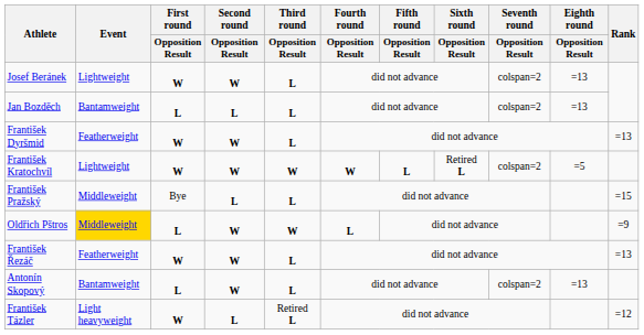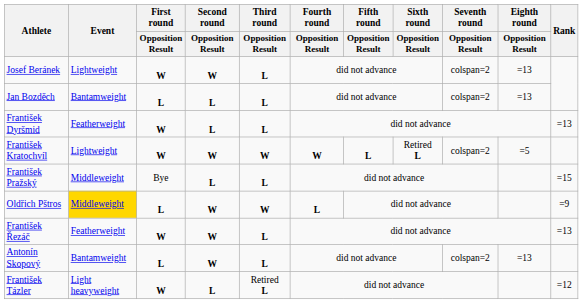 <table class="wikitable" style="font-size:90%;">
 <tr>
 <th rowspan=2>Athlete</th>
 <th rowspan=2>Event</th>
 <th>First round</th>
 <th>Second round</th>
 <th>Third round</th>
 <th>Fourth round</th>
 <th>Fifth round</th>
 <th>Sixth round</th>
 <th>Seventh round</th>
 <th>Eighth round</th>
 <th rowspan=2>Rank</th>
 </tr>
 <tr style="font-size: 95%">
 <th>Opposition<br>Result</th>
 <th>Opposition<br>Result</th>
 <th>Opposition<br>Result</th>
 <th>Opposition<br>Result</th>
 <th>Opposition<br>Result</th>
 <th>Opposition<br>Result</th>
 <th>Opposition<br>Result</th>
 <th>Opposition<br>Result</th>
 </tr>
 <tr align=center>
 <td align=left><a href='#'>Josef Beránek</a></td>
 <td align=left><a href='#'>Lightweight</a></td>
 <td> <br> <strong>W</strong></td>
 <td> <br> <strong>W</strong></td>
 <td> <br> <strong>L</strong></td>
 <td colspan=3>did not advance</td>
 <td>colspan=2 </td>
 <td>=13</td>
 </tr>
 <tr align=center>
 <td align=left><a href='#'>Jan Bozděch</a></td>
 <td align=left><a href='#'>Bantamweight</a></td>
 <td> <br> <strong>L</strong></td>
 <td> <br> <strong>L</strong></td>
 <td> <br> <strong>L</strong></td>
 <td colspan=3>did not advance</td>
 <td>colspan=2 </td>
 <td>=13</td>
 </tr>
 <tr align=center>
 <td align=left><a href='#'>František Dyršmid</a></td>
 <td align=left><a href='#'>Featherweight</a></td>
 <td> <br> <strong>W</strong></td>
-<td> <br> <strong>W</strong></td>
+<td> <br> <strong>L</strong></td>
 <td> <br> <strong>L</strong></td>
 <td colspan=5>did not advance</td>
 <td>=13</td>
 </tr>
 <tr align=center>
 <td align=left><a href='#'>František Kratochvíl</a></td>
 <td align=left><a href='#'>Lightweight</a></td>
 <td> <br> <strong>W</strong></td>
 <td> <br> <strong>W</strong></td>
 <td> <br> <strong>W</strong></td>
 <td> <br> <strong>W</strong></td>
 <td> <br> <strong>L</strong></td>
 <td>Retired <br> <strong>L</strong></td>
 <td>colspan=2 </td>
 <td>=5</td>
 </tr>
 <tr align=center>
 <td align=left><a href='#'>František Pražský</a></td>
 <td align=left><a href='#'>Middleweight</a></td>
 <td>Bye</td>
 <td> <br> <strong>L</strong></td>
 <td> <br> <strong>L</strong></td>
 <td colspan=4>did not advance</td>
 <td></td>
 <td>=15</td>
 </tr>
 <tr align=center>
 <td align=left><a href='#'>Oldřich Pštros</a></td>
 <td align=left style="background: gold;"><a href='#'>Middleweight</a></td>
 <td> <br> <strong>L</strong></td>
 <td> <br> <strong>W</strong></td>
 <td> <br> <strong>W</strong></td>
 <td> <br> <strong>L</strong></td>
 <td colspan=3>did not advance</td>
 <td></td>
 <td>=9</td>
 </tr>
 <tr align=center>
 <td align=left><a href='#'>František Řezáč</a></td>
 <td align=left><a href='#'>Featherweight</a></td>
 <td> <br> <strong>W</strong></td>
 <td> <br> <strong>W</strong></td>
 <td> <br> <strong>L</strong></td>
 <td colspan=5>did not advance</td>
 <td>=13</td>
 </tr>
 <tr align=center>
 <td align=left><a href='#'>Antonín Skopový</a></td>
 <td align=left><a href='#'>Bantamweight</a></td>
 <td> <br> <strong>L</strong></td>
 <td> <br> <strong>W</strong></td>
 <td> <br> <strong>L</strong></td>
 <td colspan=3>did not advance</td>
 <td>colspan=2 </td>
 <td>=13</td>
 </tr>
 <tr align=center>
 <td align=left><a href='#'>František Tázler</a></td>
 <td align=left><a href='#'>Light heavyweight</a></td>
 <td> <br> <strong>W</strong></td>
 <td> <br> <strong>L</strong></td>
 <td>Retired <br> <strong>L</strong></td>
 <td colspan=4>did not advance</td>
 <td></td>
 <td>=12</td>
 </tr>
 </table>
